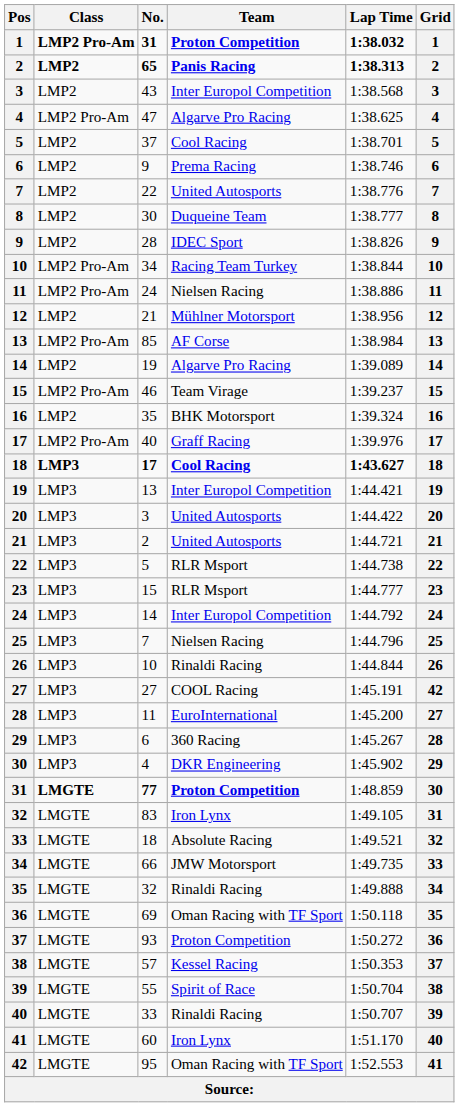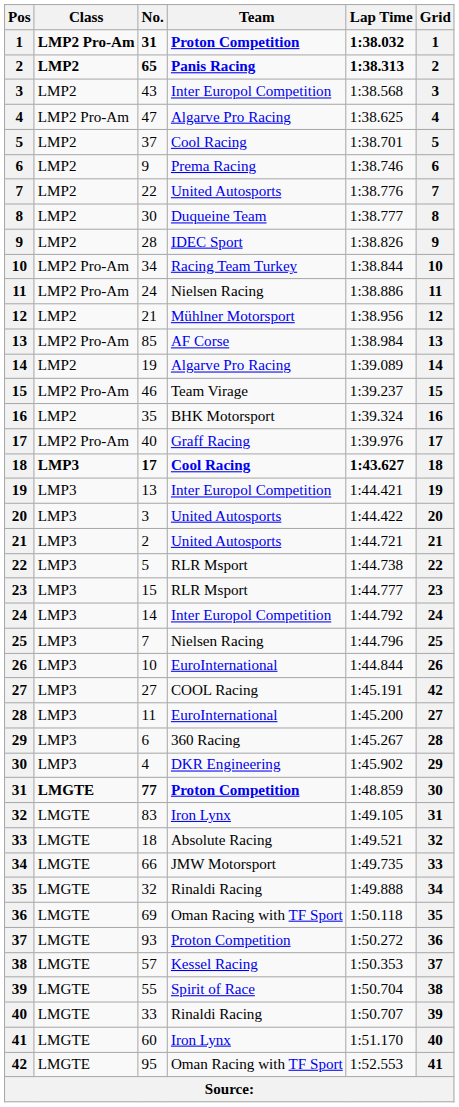 <table class="wikitable" style="font-size: 90%;">
 <tr>
 <th>Pos</th>
 <th>Class</th>
 <th>No.</th>
 <th>Team</th>
 <th>Lap Time</th>
 <th>Grid</th>
 </tr>
 <tr>
 <th>1</th>
 <td><strong>LMP2 Pro-Am</strong></td>
 <td><strong>31</strong></td>
 <td><strong> <a href='#'>Proton Competition</a></strong></td>
 <td><strong>1:38.032</strong></td>
 <th>1</th>
 </tr>
 <tr>
 <th>2</th>
 <td><strong>LMP2</strong></td>
 <td><strong>65</strong></td>
 <td><strong> <a href='#'>Panis Racing</a></strong></td>
 <td><strong>1:38.313</strong></td>
 <th>2</th>
 </tr>
 <tr>
 <th>3</th>
 <td>LMP2</td>
 <td>43</td>
 <td> <a href='#'>Inter Europol Competition</a></td>
 <td>1:38.568</td>
 <th>3</th>
 </tr>
 <tr>
 <th>4</th>
 <td>LMP2 Pro-Am</td>
 <td>47</td>
 <td> <a href='#'>Algarve Pro Racing</a></td>
 <td>1:38.625</td>
 <th>4</th>
 </tr>
 <tr>
 <th>5</th>
 <td>LMP2</td>
 <td>37</td>
 <td> <a href='#'>Cool Racing</a></td>
 <td>1:38.701</td>
 <th>5</th>
 </tr>
 <tr>
 <th>6</th>
 <td>LMP2</td>
 <td>9</td>
 <td> <a href='#'>Prema Racing</a></td>
 <td>1:38.746</td>
 <th>6</th>
 </tr>
 <tr>
 <th>7</th>
 <td>LMP2</td>
 <td>22</td>
 <td> <a href='#'>United Autosports</a></td>
 <td>1:38.776</td>
 <th>7</th>
 </tr>
 <tr>
 <th>8</th>
 <td>LMP2</td>
 <td>30</td>
 <td> <a href='#'>Duqueine Team</a></td>
 <td>1:38.777</td>
 <th>8</th>
 </tr>
 <tr>
 <th>9</th>
 <td>LMP2</td>
 <td>28</td>
 <td> <a href='#'>IDEC Sport</a></td>
 <td>1:38.826</td>
 <th>9</th>
 </tr>
 <tr>
 <th>10</th>
 <td>LMP2 Pro-Am</td>
 <td>34</td>
 <td> <a href='#'>Racing Team Turkey</a></td>
 <td>1:38.844</td>
 <th>10</th>
 </tr>
 <tr>
 <th>11</th>
 <td>LMP2 Pro-Am</td>
 <td>24</td>
 <td> Nielsen Racing</td>
 <td>1:38.886</td>
 <th>11</th>
 </tr>
 <tr>
 <th>12</th>
 <td>LMP2</td>
 <td>21</td>
 <td> <a href='#'>Mühlner Motorsport</a></td>
 <td>1:38.956</td>
 <th>12</th>
 </tr>
 <tr>
 <th>13</th>
 <td>LMP2 Pro-Am</td>
 <td>85</td>
 <td> <a href='#'>AF Corse</a></td>
 <td>1:38.984</td>
 <th>13</th>
 </tr>
 <tr>
 <th>14</th>
 <td>LMP2</td>
 <td>19</td>
 <td> <a href='#'>Algarve Pro Racing</a></td>
 <td>1:39.089</td>
 <th>14</th>
 </tr>
 <tr>
 <th>15</th>
 <td>LMP2 Pro-Am</td>
 <td>46</td>
 <td> Team Virage</td>
 <td>1:39.237</td>
 <th>15</th>
 </tr>
 <tr>
 <th>16</th>
 <td>LMP2</td>
 <td>35</td>
 <td> BHK Motorsport</td>
 <td>1:39.324</td>
 <th>16</th>
 </tr>
 <tr>
 <th>17</th>
 <td>LMP2 Pro-Am</td>
 <td>40</td>
 <td> <a href='#'>Graff Racing</a></td>
 <td>1:39.976</td>
 <th>17</th>
 </tr>
 <tr>
 <th>18</th>
 <td><strong>LMP3</strong></td>
 <td><strong>17</strong></td>
 <td><strong> <a href='#'>Cool Racing</a></strong></td>
 <td><strong>1:43.627</strong></td>
 <th>18</th>
 </tr>
 <tr>
 <th>19</th>
 <td>LMP3</td>
 <td>13</td>
 <td> <a href='#'>Inter Europol Competition</a></td>
 <td>1:44.421</td>
 <th>19</th>
 </tr>
 <tr>
 <th>20</th>
 <td>LMP3</td>
 <td>3</td>
 <td> <a href='#'>United Autosports</a></td>
 <td>1:44.422</td>
 <th>20</th>
 </tr>
 <tr>
 <th>21</th>
 <td>LMP3</td>
 <td>2</td>
 <td> <a href='#'>United Autosports</a></td>
 <td>1:44.721</td>
 <th>21</th>
 </tr>
 <tr>
 <th>22</th>
 <td>LMP3</td>
 <td>5</td>
 <td> RLR Msport</td>
 <td>1:44.738</td>
 <th>22</th>
 </tr>
 <tr>
 <th>23</th>
 <td>LMP3</td>
 <td>15</td>
 <td> RLR Msport</td>
 <td>1:44.777</td>
 <th>23</th>
 </tr>
 <tr>
 <th>24</th>
 <td>LMP3</td>
 <td>14</td>
 <td> <a href='#'>Inter Europol Competition</a></td>
 <td>1:44.792</td>
 <th>24</th>
 </tr>
 <tr>
 <th>25</th>
 <td>LMP3</td>
 <td>7</td>
 <td> Nielsen Racing</td>
 <td>1:44.796</td>
 <th>25</th>
 </tr>
 <tr>
 <th>26</th>
 <td>LMP3</td>
 <td>10</td>
-<td> Rinaldi Racing</td>
+<td> <a href='#'>EuroInternational</a></td>
 <td>1:44.844</td>
 <th>26</th>
 </tr>
 <tr>
 <th>27</th>
 <td>LMP3</td>
 <td>27</td>
 <td> COOL Racing</td>
 <td>1:45.191</td>
 <th>42</th>
 </tr>
 <tr>
 <th>28</th>
 <td>LMP3</td>
 <td>11</td>
 <td> <a href='#'>EuroInternational</a></td>
 <td>1:45.200</td>
 <th>27</th>
 </tr>
 <tr>
 <th>29</th>
 <td>LMP3</td>
 <td>6</td>
 <td> 360 Racing</td>
 <td>1:45.267</td>
 <th>28</th>
 </tr>
 <tr>
 <th>30</th>
 <td>LMP3</td>
 <td>4</td>
 <td> <a href='#'>DKR Engineering</a></td>
 <td>1:45.902</td>
 <th>29</th>
 </tr>
 <tr>
 <th>31</th>
 <td><strong>LMGTE</strong></td>
 <td><strong>77</strong></td>
 <td><strong> <a href='#'>Proton Competition</a></strong></td>
 <td>1:48.859</td>
 <th>30</th>
 </tr>
 <tr>
 <th>32</th>
 <td>LMGTE</td>
 <td>83</td>
 <td> <a href='#'>Iron Lynx</a></td>
 <td>1:49.105</td>
 <th>31</th>
 </tr>
 <tr>
 <th>33</th>
 <td>LMGTE</td>
 <td>18</td>
 <td> Absolute Racing</td>
 <td>1:49.521</td>
 <th>32</th>
 </tr>
 <tr>
 <th>34</th>
 <td>LMGTE</td>
 <td>66</td>
 <td> JMW Motorsport</td>
 <td>1:49.735</td>
 <th>33</th>
 </tr>
 <tr>
 <th>35</th>
 <td>LMGTE</td>
 <td>32</td>
 <td> Rinaldi Racing</td>
 <td>1:49.888</td>
 <th>34</th>
 </tr>
 <tr>
 <th>36</th>
 <td>LMGTE</td>
 <td>69</td>
 <td> Oman Racing with <a href='#'>TF Sport</a></td>
 <td>1:50.118</td>
 <th>35</th>
 </tr>
 <tr>
 <th>37</th>
 <td>LMGTE</td>
 <td>93</td>
 <td> <a href='#'>Proton Competition</a></td>
 <td>1:50.272</td>
 <th>36</th>
 </tr>
 <tr>
 <th>38</th>
 <td>LMGTE</td>
 <td>57</td>
 <td> <a href='#'>Kessel Racing</a></td>
 <td>1:50.353</td>
 <th>37</th>
 </tr>
 <tr>
 <th>39</th>
 <td>LMGTE</td>
 <td>55</td>
 <td> <a href='#'>Spirit of Race</a></td>
 <td>1:50.704</td>
 <th>38</th>
 </tr>
 <tr>
 <th>40</th>
 <td>LMGTE</td>
 <td>33</td>
 <td> Rinaldi Racing</td>
 <td>1:50.707</td>
 <th>39</th>
 </tr>
 <tr>
 <th>41</th>
 <td>LMGTE</td>
 <td>60</td>
 <td> <a href='#'>Iron Lynx</a></td>
 <td>1:51.170</td>
 <th>40</th>
 </tr>
 <tr>
 <th>42</th>
 <td>LMGTE</td>
 <td>95</td>
 <td> Oman Racing with <a href='#'>TF Sport</a></td>
 <td>1:52.553</td>
 <th>41</th>
 </tr>
 <tr>
 <th colspan="6">Source:</th>
 </tr>
 </table>
